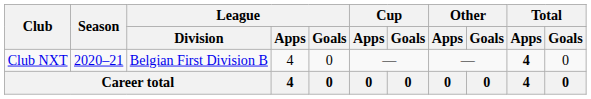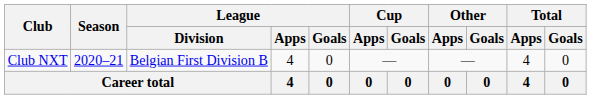 <table class=wikitable style=text-align:center>
 <tr>
 <th rowspan=2>Club</th>
 <th rowspan=2>Season</th>
 <th colspan=3>League</th>
 <th colspan=2>Cup</th>
 <th colspan=2>Other</th>
 <th colspan=2>Total</th>
 </tr>
 <tr>
 <th>Division</th>
 <th>Apps</th>
 <th>Goals</th>
 <th>Apps</th>
 <th>Goals</th>
 <th>Apps</th>
 <th>Goals</th>
 <th>Apps</th>
 <th>Goals</th>
 </tr>
 <tr>
 <td rowspan=1><a href='#'>Club NXT</a></td>
 <td><a href='#'>2020–21</a></td>
 <td><a href='#'>Belgian First Division B</a></td>
 <td>4</td>
 <td>0</td>
 <td colspan="2">—</td>
 <td colspan="2">—</td>
-<td><strong>4</strong></td>
+<td>4</td>
 <td>0</td>
 </tr>
 <tr>
 <th colspan=3>Career total</th>
 <th>4</th>
 <th>0</th>
 <th>0</th>
 <th>0</th>
 <th>0</th>
 <th>0</th>
 <th>4</th>
 <th>0</th>
 </tr>
 </table>
